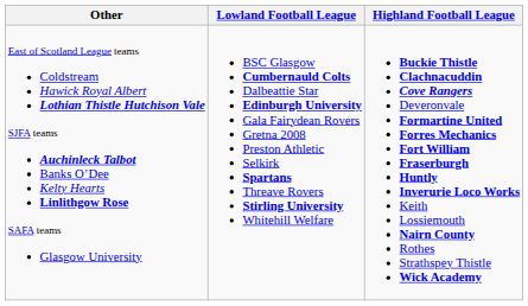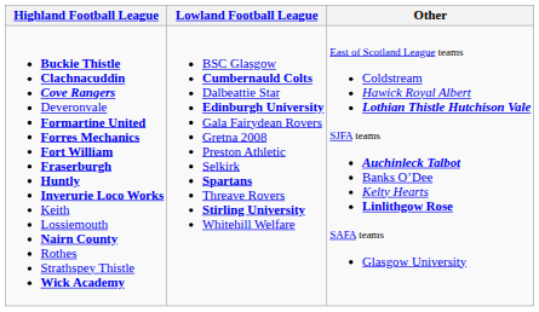 <table class="wikitable">
 <tr>
+<th><a href='#'>Highland Football League</a></th>
+<th><a href='#'>Lowland Football League</a></th>
 <th>Other</th>
-<th><a href='#'>Lowland Football League</a></th>
-<th><a href='#'>Highland Football League</a></th>
 </tr>
 <tr>
+<td valign=top><br><ul><li><strong><a href='#'>Buckie Thistle</a></strong></li><li><strong><a href='#'>Clachnacuddin</a></strong></li><li><strong><em><a href='#'>Cove Rangers</a></em></strong></li><li><a href='#'>Deveronvale</a></li><li><strong><a href='#'>Formartine United</a></strong></li><li><strong><a href='#'>Forres Mechanics</a></strong></li><li><strong><a href='#'>Fort William</a></strong></li><li><strong><a href='#'>Fraserburgh</a></strong></li><li><strong><a href='#'>Huntly</a></strong></li><li><strong><a href='#'>Inverurie Loco Works</a></strong></li><li><a href='#'>Keith</a></li><li><a href='#'>Lossiemouth</a></li><li><strong><a href='#'>Nairn County</a></strong></li><li><a href='#'>Rothes</a></li><li><a href='#'>Strathspey Thistle</a></li><li><strong><a href='#'>Wick Academy</a></strong></li></ul></td>
+<td valign=top><br><ul><li><a href='#'>BSC Glasgow</a></li><li><strong><a href='#'>Cumbernauld Colts</a></strong></li><li><a href='#'>Dalbeattie Star</a></li><li><strong><a href='#'>Edinburgh University</a></strong></li><li><a href='#'>Gala Fairydean Rovers</a></li><li><a href='#'>Gretna 2008</a></li><li><a href='#'>Preston Athletic</a></li><li><a href='#'>Selkirk</a></li><li><strong><a href='#'>Spartans</a></strong></li><li><a href='#'>Threave Rovers</a></li><li><strong><a href='#'>Stirling University</a></strong></li><li><a href='#'>Whitehill Welfare</a></li></ul></td>
 <td valign=top><br><small><a href='#'>East of Scotland League</a> teams</small><ul><li><a href='#'>Coldstream</a></li><li><em><a href='#'>Hawick Royal Albert</a></em></li><li><strong><em><a href='#'>Lothian Thistle Hutchison Vale</a></em></strong></li></ul><small><a href='#'>SJFA</a> teams</small><ul><li><strong><em><a href='#'>Auchinleck Talbot</a></em></strong></li><li><a href='#'>Banks O’Dee</a></li><li><em><a href='#'>Kelty Hearts</a></em></li><li><strong><a href='#'>Linlithgow Rose</a></strong></li></ul><small><a href='#'>SAFA</a> teams</small><ul><li><a href='#'>Glasgow University</a></li></ul></td>
-<td valign=top><br><ul><li><a href='#'>BSC Glasgow</a></li><li><strong><a href='#'>Cumbernauld Colts</a></strong></li><li><a href='#'>Dalbeattie Star</a></li><li><strong><a href='#'>Edinburgh University</a></strong></li><li><a href='#'>Gala Fairydean Rovers</a></li><li><a href='#'>Gretna 2008</a></li><li><a href='#'>Preston Athletic</a></li><li><a href='#'>Selkirk</a></li><li><strong><a href='#'>Spartans</a></strong></li><li><a href='#'>Threave Rovers</a></li><li><strong><a href='#'>Stirling University</a></strong></li><li><a href='#'>Whitehill Welfare</a></li></ul></td>
-<td valign=top><br><ul><li><strong><a href='#'>Buckie Thistle</a></strong></li><li><strong><a href='#'>Clachnacuddin</a></strong></li><li><strong><em><a href='#'>Cove Rangers</a></em></strong></li><li><a href='#'>Deveronvale</a></li><li><strong><a href='#'>Formartine United</a></strong></li><li><strong><a href='#'>Forres Mechanics</a></strong></li><li><strong><a href='#'>Fort William</a></strong></li><li><strong><a href='#'>Fraserburgh</a></strong></li><li><strong><a href='#'>Huntly</a></strong></li><li><strong><a href='#'>Inverurie Loco Works</a></strong></li><li><a href='#'>Keith</a></li><li><a href='#'>Lossiemouth</a></li><li><strong><a href='#'>Nairn County</a></strong></li><li><a href='#'>Rothes</a></li><li><a href='#'>Strathspey Thistle</a></li><li><strong><a href='#'>Wick Academy</a></strong></li></ul></td>
 </tr>
 </table>
